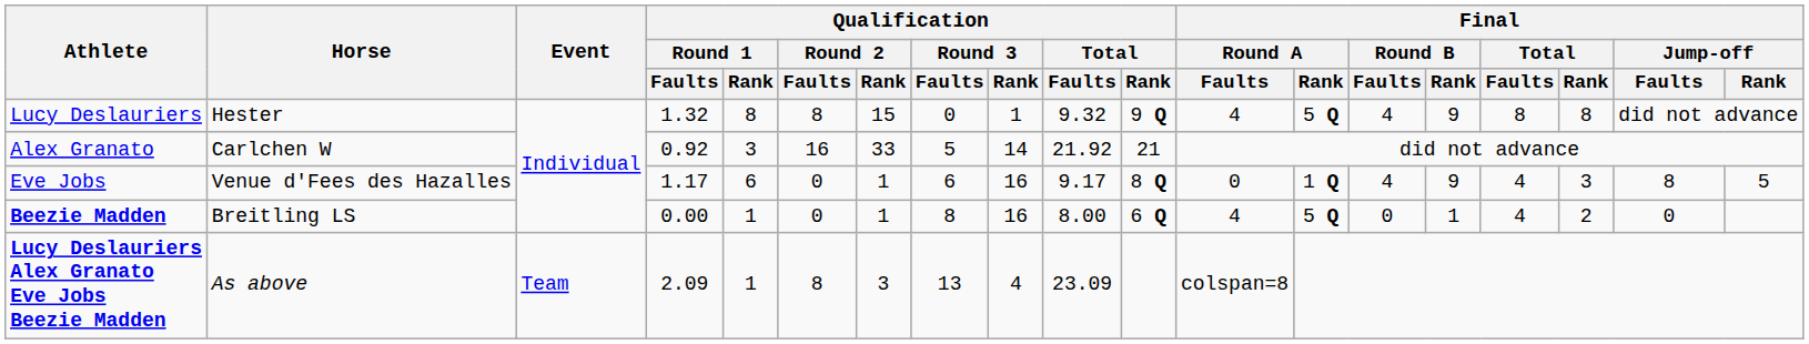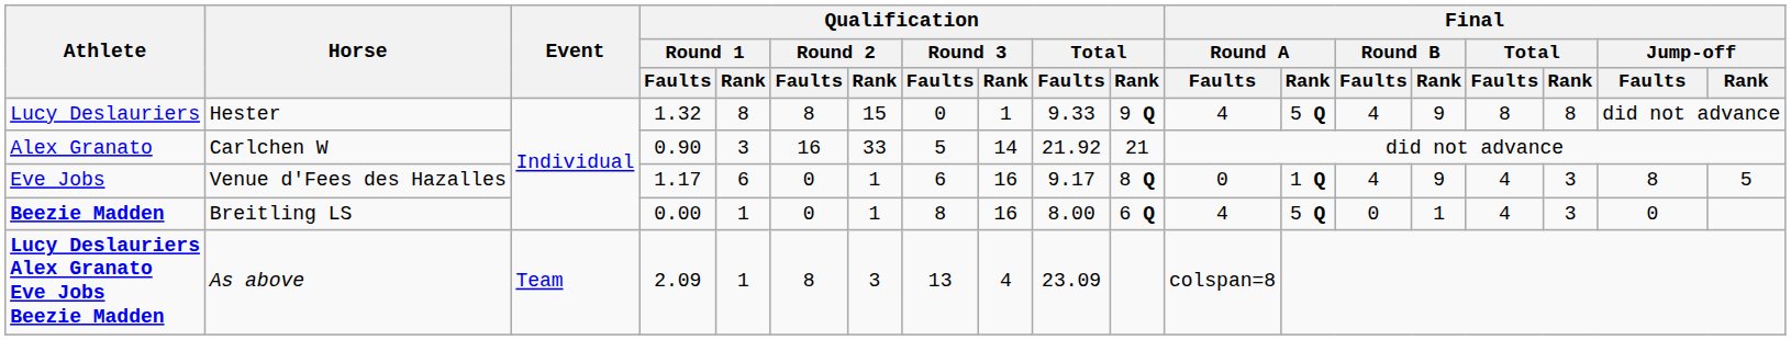 <table class=wikitable style=font-size:90%;text-align:center>
 <tr>
 <th rowspan=3>Athlete</th>
 <th rowspan=3>Horse</th>
 <th rowspan=3>Event</th>
 <th colspan=8>Qualification</th>
 <th colspan=8>Final</th>
 </tr>
 <tr style=font-size:95%>
 <th colspan=2>Round 1</th>
 <th colspan=2>Round 2</th>
 <th colspan=2>Round 3</th>
 <th colspan=2>Total</th>
 <th colspan=2>Round A</th>
 <th colspan=2>Round B</th>
 <th colspan=2>Total</th>
 <th colspan=2>Jump-off</th>
 </tr>
 <tr style=font-size:95%>
 <th>Faults</th>
 <th>Rank</th>
 <th>Faults</th>
 <th>Rank</th>
 <th>Faults</th>
 <th>Rank</th>
 <th>Faults</th>
 <th>Rank</th>
 <th>Faults</th>
 <th>Rank</th>
 <th>Faults</th>
 <th>Rank</th>
 <th>Faults</th>
 <th>Rank</th>
 <th>Faults</th>
 <th>Rank</th>
 </tr>
 <tr>
 <td align=left><a href='#'>Lucy Deslauriers</a></td>
 <td align=left>Hester</td>
 <td align=left rowspan=4><a href='#'>Individual</a></td>
 <td>1.32</td>
 <td>8</td>
 <td>8</td>
 <td>15</td>
 <td>0</td>
 <td>1</td>
-<td>9.32</td>
+<td>9.33</td>
 <td>9 <strong>Q</strong></td>
 <td>4</td>
 <td>5 <strong>Q</strong></td>
 <td>4</td>
 <td>9</td>
 <td>8</td>
 <td>8</td>
 <td colspan=2>did not advance</td>
 </tr>
 <tr>
 <td align=left><a href='#'>Alex Granato</a></td>
 <td align=left>Carlchen W</td>
-<td>0.92</td>
+<td>0.90</td>
 <td>3</td>
 <td>16</td>
 <td>33</td>
 <td>5</td>
 <td>14</td>
 <td>21.92</td>
 <td>21</td>
 <td colspan=8>did not advance</td>
 </tr>
 <tr>
 <td align=left><a href='#'>Eve Jobs</a></td>
 <td align=left>Venue d'Fees des Hazalles</td>
 <td>1.17</td>
 <td>6</td>
 <td>0</td>
 <td>1</td>
 <td>6</td>
 <td>16</td>
 <td>9.17</td>
 <td>8 <strong>Q</strong></td>
 <td>0</td>
 <td>1 <strong>Q</strong></td>
 <td>4</td>
 <td>9</td>
 <td>4</td>
 <td>3</td>
 <td>8</td>
 <td>5</td>
 </tr>
 <tr>
 <td align=left><strong><a href='#'>Beezie Madden</a></strong></td>
 <td align=left>Breitling LS</td>
 <td>0.00</td>
 <td>1</td>
 <td>0</td>
 <td>1</td>
 <td>8</td>
 <td>16</td>
 <td>8.00</td>
 <td>6 <strong>Q</strong></td>
 <td>4</td>
 <td>5 <strong>Q</strong></td>
 <td>0</td>
 <td>1</td>
 <td>4</td>
-<td>2</td>
+<td>3</td>
 <td>0</td>
 <td></td>
 </tr>
 <tr>
 <td align=left><strong><a href='#'>Lucy Deslauriers</a><br><a href='#'>Alex Granato</a><br><a href='#'>Eve Jobs</a><br><a href='#'>Beezie Madden</a></strong></td>
 <td align=left><em>As above</em></td>
 <td align=left><a href='#'>Team</a></td>
 <td>2.09</td>
 <td>1</td>
 <td>8</td>
 <td>3</td>
 <td>13</td>
 <td>4</td>
 <td>23.09</td>
 <td></td>
 <td>colspan=8 </td>
 </tr>
 </table>
